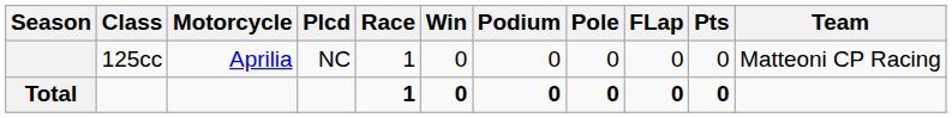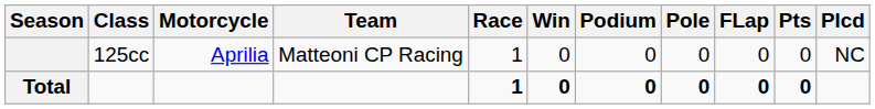 <table class="wikitable" style=text-align:right>
 <tr>
 <th>Season</th>
 <th>Class</th>
 <th>Motorcycle</th>
-<th>Plcd</th>
+<th>Team</th>
 <th>Race</th>
 <th>Win</th>
 <th>Podium</th>
 <th>Pole</th>
 <th>FLap</th>
 <th>Pts</th>
-<th>Team</th>
+<th>Plcd</th>
 </tr>
 <tr>
 <th></th>
 <td>125cc</td>
 <td><a href='#'>Aprilia</a></td>
-<td>NC</td>
+<td>Matteoni CP Racing</td>
 <td>1</td>
 <td>0</td>
 <td>0</td>
 <td>0</td>
 <td>0</td>
 <td>0</td>
-<td>Matteoni CP Racing</td>
+<td>NC</td>
 </tr>
 <tr>
 <th>Total</th>
 <td></td>
 <td></td>
 <td></td>
 <td><strong>1</strong></td>
 <td><strong>0</strong></td>
 <td><strong>0</strong></td>
 <td><strong>0</strong></td>
 <td><strong>0</strong></td>
 <td><strong>0</strong></td>
 <td></td>
 </tr>
 </table>
